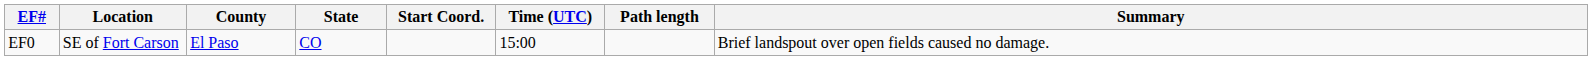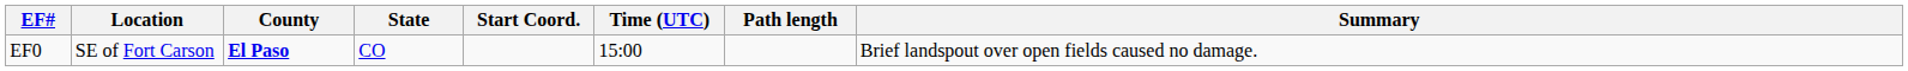 <table class="wikitable sortable" style="width:100%;">
 <tr>
 <th scope="col"  style="width:3%; text-align:center;"><a href='#'>EF#</a></th>
 <th scope="col"  style="width:7%; text-align:center;" class="unsortable">Location</th>
 <th scope="col"  style="width:6%; text-align:center;" class="unsortable">County</th>
 <th scope="col"  style="width:5%; text-align:center;">State</th>
 <th scope="col"  style="width:6%; text-align:center;">Start Coord.</th>
 <th scope="col"  style="width:6%; text-align:center;">Time (<a href='#'>UTC</a>)</th>
 <th scope="col"  style="width:6%; text-align:center;">Path length</th>
 <th scope="col" class="unsortable" style="width:48%; text-align:center;">Summary</th>
 </tr>
 <tr>
 <td>EF0</td>
 <td>SE of <a href='#'>Fort Carson</a></td>
-<td><a href='#'>El Paso</a></td>
+<td><strong><a href='#'>El Paso</a></strong></td>
 <td><a href='#'>CO</a></td>
 <td></td>
 <td>15:00</td>
 <td></td>
 <td>Brief landspout over open fields caused no damage.</td>
 </tr>
 <tr>
 </tr>
 </table>
